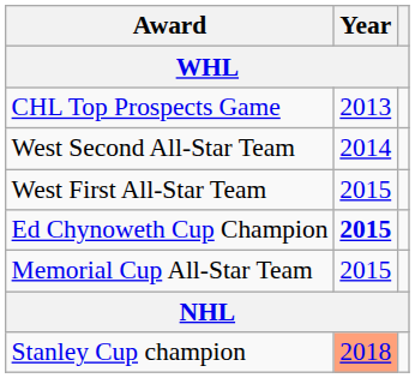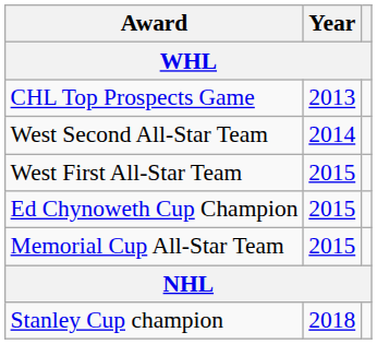 <table class="wikitable">
 <tr>
 <th>Award</th>
 <th>Year</th>
 <th></th>
 </tr>
 <tr>
 <th colspan="3"><a href='#'>WHL</a></th>
 </tr>
 <tr>
 <td><a href='#'>CHL Top Prospects Game</a></td>
 <td><a href='#'>2013</a></td>
 <td></td>
 </tr>
 <tr>
 <td>West Second All-Star Team</td>
 <td><a href='#'>2014</a></td>
 <td></td>
 </tr>
 <tr>
 <td>West First All-Star Team</td>
 <td><a href='#'>2015</a></td>
 <td></td>
 </tr>
 <tr>
 <td><a href='#'>Ed Chynoweth Cup</a> Champion</td>
-<td><strong><a href='#'>2015</a></strong></td>
+<td><a href='#'>2015</a></td>
 <td></td>
 </tr>
 <tr>
 <td><a href='#'>Memorial Cup</a> All-Star Team</td>
 <td><a href='#'>2015</a></td>
 <td></td>
 </tr>
 <tr>
 <th colspan="3"><a href='#'>NHL</a></th>
 </tr>
 <tr>
 <td><a href='#'>Stanley Cup</a> champion</td>
-<td style="background: lightsalmon;"><a href='#'>2018</a></td>
+<td><a href='#'>2018</a></td>
 <td></td>
 </tr>
 </table>
